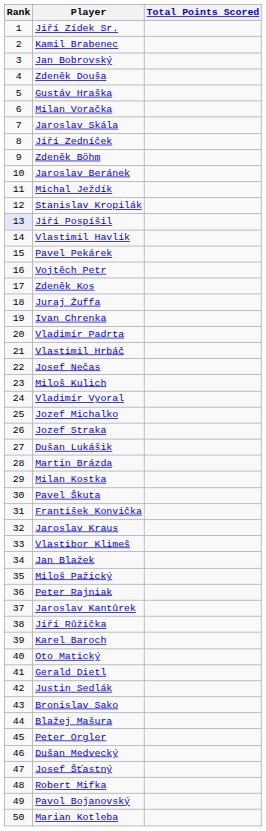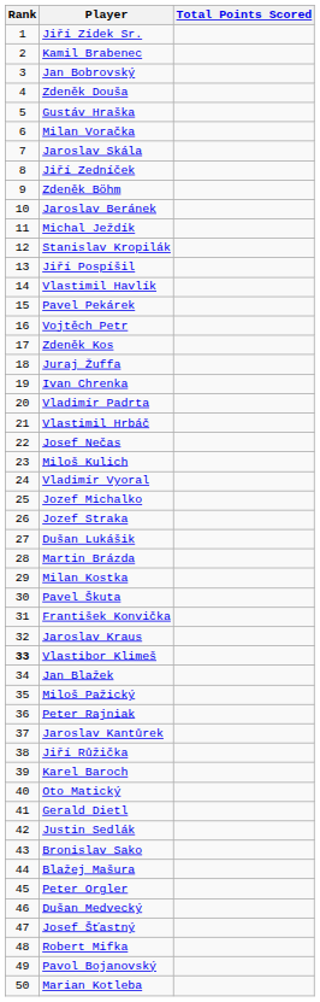 <table class="wikitable sortable">
 <tr>
 <th>Rank</th>
 <th>Player</th>
 <th><a href='#'>Total Points Scored</a></th>
 </tr>
 <tr>
 <td align = "center">1</td>
 <td><a href='#'>Jiří Zídek Sr.</a></td>
 <td></td>
 </tr>
 <tr>
 <td align = "center">2</td>
 <td><a href='#'>Kamil Brabenec</a></td>
 <td></td>
 </tr>
 <tr>
 <td align = "center">3</td>
 <td><a href='#'>Jan Bobrovský</a></td>
 <td></td>
 </tr>
 <tr>
 <td align = "center">4</td>
 <td><a href='#'>Zdeněk Douša</a></td>
 <td></td>
 </tr>
 <tr>
 <td align = "center">5</td>
 <td><a href='#'>Gustáv Hraška</a></td>
 <td></td>
 </tr>
 <tr>
 <td align = "center">6</td>
 <td><a href='#'>Milan Voračka</a></td>
 <td></td>
 </tr>
 <tr>
 <td align = "center">7</td>
 <td><a href='#'>Jaroslav Skála</a></td>
 <td></td>
 </tr>
 <tr>
 <td align = "center">8</td>
 <td><a href='#'>Jiří Zedníček</a></td>
 <td></td>
 </tr>
 <tr>
 <td align = "center">9</td>
 <td><a href='#'>Zdeněk Böhm</a></td>
 <td></td>
 </tr>
 <tr>
 <td align = "center">10</td>
 <td><a href='#'>Jaroslav Beránek</a></td>
 <td></td>
 </tr>
 <tr>
 <td align = "center">11</td>
 <td><a href='#'>Michal Ježdík</a></td>
 <td></td>
 </tr>
 <tr>
 <td align = "center">12</td>
 <td><a href='#'>Stanislav Kropilák</a></td>
 <td></td>
 </tr>
 <tr>
-<td align = "center" style="background: lavender;">13</td>
+<td align = "center">13</td>
 <td><a href='#'>Jiří Pospíšil</a></td>
 <td></td>
 </tr>
 <tr>
 <td align = "center">14</td>
 <td><a href='#'>Vlastimil Havlík</a></td>
 <td></td>
 </tr>
 <tr>
 <td align = "center">15</td>
 <td><a href='#'>Pavel Pekárek</a></td>
 <td></td>
 </tr>
 <tr>
 <td align = "center">16</td>
 <td><a href='#'>Vojtěch Petr</a></td>
 <td></td>
 </tr>
 <tr>
 <td align = "center">17</td>
 <td><a href='#'>Zdeněk Kos</a></td>
 <td></td>
 </tr>
 <tr>
 <td align = "center">18</td>
 <td><a href='#'>Juraj Žuffa</a></td>
 <td></td>
 </tr>
 <tr>
 <td align = "center">19</td>
 <td><a href='#'>Ivan Chrenka</a></td>
 <td></td>
 </tr>
 <tr>
 <td align = "center">20</td>
 <td><a href='#'>Vladimír Padrta</a></td>
 <td></td>
 </tr>
 <tr>
 <td align = "center">21</td>
 <td><a href='#'>Vlastimil Hrbáč</a></td>
 <td></td>
 </tr>
 <tr>
 <td align = "center">22</td>
 <td><a href='#'>Josef Nečas</a></td>
 <td></td>
 </tr>
 <tr>
 <td align = "center">23</td>
 <td><a href='#'>Miloš Kulich</a></td>
 <td></td>
 </tr>
 <tr>
 <td align = "center">24</td>
 <td><a href='#'>Vladimír Vyoral</a></td>
 <td></td>
 </tr>
 <tr>
 <td align = "center">25</td>
 <td><a href='#'>Jozef Michalko</a></td>
 <td></td>
 </tr>
 <tr>
 <td align = "center">26</td>
 <td><a href='#'>Jozef Straka</a></td>
 <td></td>
 </tr>
 <tr>
 <td align = "center">27</td>
 <td><a href='#'>Dušan Lukášik</a></td>
 <td></td>
 </tr>
 <tr>
 <td align = "center">28</td>
 <td><a href='#'>Martin Brázda</a></td>
 <td></td>
 </tr>
 <tr>
 <td align = "center">29</td>
 <td><a href='#'>Milan Kostka</a></td>
 <td></td>
 </tr>
 <tr>
 <td align = "center">30</td>
 <td><a href='#'>Pavel Škuta</a></td>
 <td></td>
 </tr>
 <tr>
 <td align = "center">31</td>
 <td><a href='#'>František Konvička</a></td>
 <td></td>
 </tr>
 <tr>
 <td align = "center">32</td>
 <td><a href='#'>Jaroslav Kraus</a></td>
 <td></td>
 </tr>
 <tr>
-<td align = "center">33</td>
+<td align = "center"><strong>33</strong></td>
 <td><a href='#'>Vlastibor Klimeš</a></td>
 <td></td>
 </tr>
 <tr>
 <td align = "center">34</td>
 <td><a href='#'>Jan Blažek</a></td>
 <td></td>
 </tr>
 <tr>
 <td align = "center">35</td>
 <td><a href='#'>Miloš Pažický</a></td>
 <td></td>
 </tr>
 <tr>
 <td align = "center">36</td>
 <td><a href='#'>Peter Rajniak</a></td>
 <td></td>
 </tr>
 <tr>
 <td align = "center">37</td>
 <td><a href='#'>Jaroslav Kantůrek</a></td>
 <td></td>
 </tr>
 <tr>
 <td align = "center">38</td>
 <td><a href='#'>Jiří Růžička</a></td>
 <td></td>
 </tr>
 <tr>
 <td align = "center">39</td>
 <td><a href='#'>Karel Baroch</a></td>
 <td></td>
 </tr>
 <tr>
 <td align = "center">40</td>
 <td><a href='#'>Oto Matický</a></td>
 <td></td>
 </tr>
 <tr>
 <td align = "center">41</td>
 <td><a href='#'>Gerald Dietl</a></td>
 <td></td>
 </tr>
 <tr>
 <td align = "center">42</td>
 <td><a href='#'>Justin Sedlák</a></td>
 <td></td>
 </tr>
 <tr>
 <td align = "center">43</td>
 <td><a href='#'>Bronislav Sako</a></td>
 <td></td>
 </tr>
 <tr>
 <td align = "center">44</td>
 <td><a href='#'>Blažej Mašura</a></td>
 <td></td>
 </tr>
 <tr>
 <td align = "center">45</td>
 <td><a href='#'>Peter Orgler</a></td>
 <td></td>
 </tr>
 <tr>
 <td align = "center">46</td>
 <td><a href='#'>Dušan Medvecký</a></td>
 <td></td>
 </tr>
 <tr>
 <td align = "center">47</td>
 <td><a href='#'>Josef Šťastný</a></td>
 <td></td>
 </tr>
 <tr>
 <td align = "center">48</td>
 <td><a href='#'>Robert Mifka</a></td>
 <td></td>
 </tr>
 <tr>
 <td align = "center">49</td>
 <td><a href='#'>Pavol Bojanovský</a></td>
 <td></td>
 </tr>
 <tr>
 <td align = "center">50</td>
 <td><a href='#'>Marian Kotleba</a></td>
 <td></td>
 </tr>
 </table>
